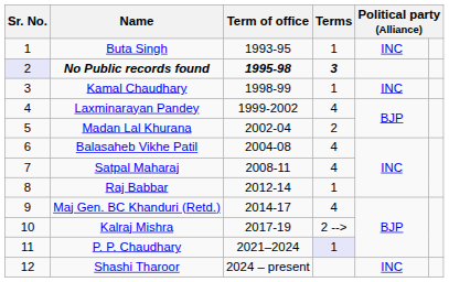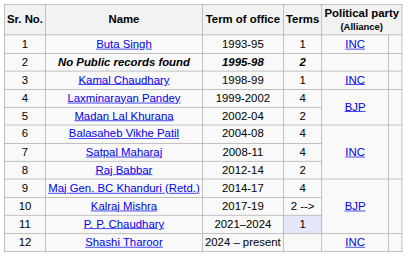 <table class="wikitable sortable">
 <tr>
 <th>Sr. No.</th>
 <th>Name</th>
 <th>Term of office</th>
 <th>Terms</th>
 <th colspan="2">Political party<br><small>(Alliance)</small></th>
 </tr>
 <tr align="center">
 <td>1</td>
 <td><a href='#'>Buta Singh</a></td>
 <td>1993-95</td>
 <td>1</td>
 <td><a href='#'>INC</a></td>
 <td></td>
 </tr>
 <tr align="center">
-<td style="background: lavender;">2</td>
+<td>2</td>
 <td><strong><em>No Public records found</em></strong></td>
 <td><strong><em>1995-98</em></strong></td>
-<td><strong><em>3</em></strong></td>
+<td><strong><em>2</em></strong></td>
 <td></td>
 <td></td>
 </tr>
 <tr align="center">
 <td>3</td>
 <td><a href='#'>Kamal Chaudhary</a></td>
 <td>1998-99</td>
 <td>1</td>
 <td><a href='#'>INC</a></td>
 <td></td>
 </tr>
 <tr align="center">
 <td>4</td>
 <td><a href='#'>Laxminarayan Pandey</a></td>
 <td>1999-2002</td>
 <td>4</td>
 <td rowspan="2"><a href='#'>BJP</a></td>
 <td rowspan="2"></td>
 </tr>
 <tr align="center">
 <td>5</td>
 <td><a href='#'>Madan Lal Khurana</a></td>
 <td>2002-04</td>
 <td>2</td>
 </tr>
 <tr align="center">
 <td>6</td>
 <td><a href='#'>Balasaheb Vikhe Patil</a></td>
 <td>2004-08</td>
 <td>4</td>
 <td rowspan="3"><a href='#'>INC</a></td>
 <td rowspan="3"></td>
 </tr>
 <tr align="center">
 <td>7</td>
 <td><a href='#'>Satpal Maharaj</a></td>
 <td>2008-11</td>
 <td>4</td>
 </tr>
 <tr align="center">
 <td>8</td>
 <td><a href='#'>Raj Babbar</a></td>
 <td>2012-14</td>
-<td>1</td>
+<td>2</td>
 </tr>
 <tr align="center">
 <td>9</td>
 <td><a href='#'>Maj Gen. BC Khanduri (Retd.)</a></td>
 <td>2014-17</td>
 <td>4</td>
 <td rowspan="3"><a href='#'>BJP</a></td>
 <td rowspan="3"></td>
 </tr>
 <tr align="center">
 <td>10</td>
 <td><a href='#'>Kalraj Mishra</a></td>
 <td>2017-19</td>
 <td>2 --></td>
 </tr>
 <tr align="center">
 <td>11</td>
 <td><a href='#'>P. P. Chaudhary</a></td>
 <td>2021–2024</td>
 <td style="background: lavender;">1</td>
 </tr>
 <tr align="center">
 <td>12</td>
 <td><a href='#'>Shashi Tharoor</a></td>
 <td>2024 – present</td>
 <td></td>
 <td><a href='#'>INC</a></td>
 <td></td>
 </tr>
 </table>
